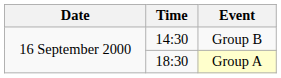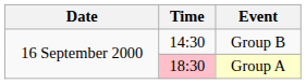 <table class = "wikitable" style="text-align:center;">
 <tr>
 <th width=150>Date</th>
 <th width=50>Time</th>
 <th width=80>Event</th>
 </tr>
 <tr>
 <td rowspan=2>16 September 2000</td>
 <td>14:30</td>
 <td>Group B</td>
 </tr>
 <tr>
-<td>18:30</td>
+<td style="background: pink;">18:30</td>
 <td bgcolor=ffffcc>Group A</td>
 </tr>
 </table>
